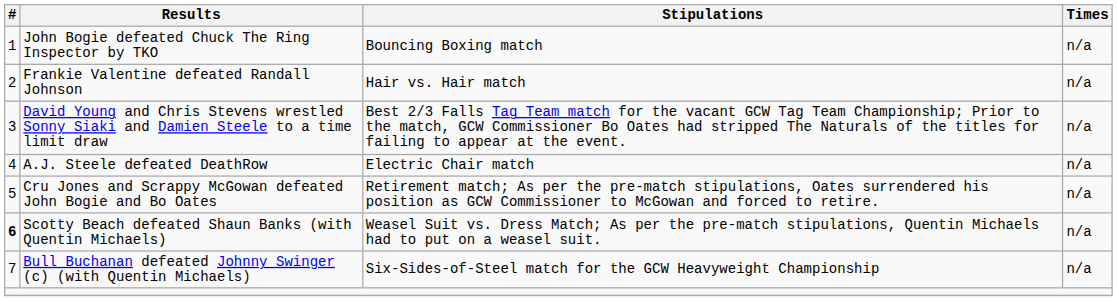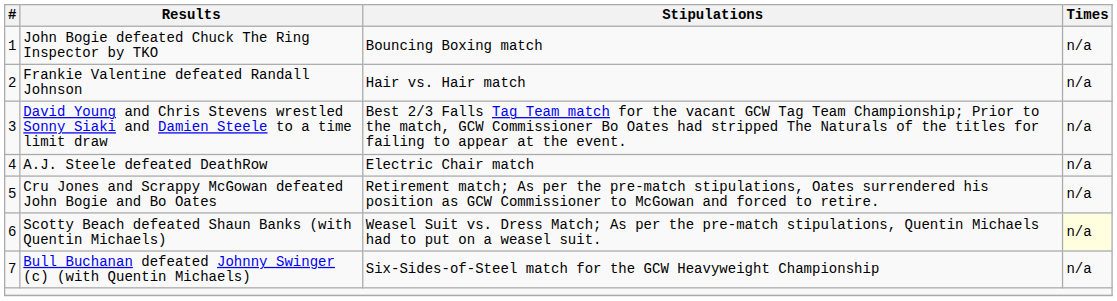 <table style="font-size: 85%" class="wikitable sortable">
 <tr>
 <th><strong>#</strong></th>
 <th><strong>Results</strong></th>
 <th><strong>Stipulations</strong></th>
 <th><strong>Times</strong></th>
 </tr>
 <tr>
 <td>1</td>
 <td>John Bogie defeated Chuck The Ring Inspector by TKO</td>
 <td>Bouncing Boxing match</td>
 <td>n/a</td>
 </tr>
 <tr>
 <td>2</td>
 <td>Frankie Valentine defeated Randall Johnson</td>
 <td>Hair vs. Hair match</td>
 <td>n/a</td>
 </tr>
 <tr>
 <td>3</td>
 <td><a href='#'>David Young</a> and Chris Stevens wrestled <a href='#'>Sonny Siaki</a> and <a href='#'>Damien Steele</a> to a time limit draw</td>
 <td>Best 2/3 Falls <a href='#'>Tag Team match</a> for the vacant GCW Tag Team Championship; Prior to the match, GCW Commissioner Bo Oates had stripped The Naturals of the titles for failing to appear at the event.</td>
 <td>n/a</td>
 </tr>
 <tr>
 <td>4</td>
 <td>A.J. Steele defeated DeathRow</td>
 <td>Electric Chair match</td>
 <td>n/a</td>
 </tr>
 <tr>
 <td>5</td>
 <td>Cru Jones and Scrappy McGowan defeated John Bogie and Bo Oates</td>
 <td>Retirement match; As per the pre-match stipulations, Oates surrendered his position as GCW Commissioner to McGowan and forced to retire.</td>
 <td>n/a</td>
 </tr>
 <tr>
-<td><strong>6</strong></td>
+<td>6</td>
 <td>Scotty Beach defeated Shaun Banks (with Quentin Michaels)</td>
 <td>Weasel Suit vs. Dress Match; As per the pre-match stipulations, Quentin Michaels had to put on a weasel suit.</td>
-<td>n/a</td>
+<td style="background: lightyellow;">n/a</td>
 </tr>
 <tr>
 <td>7</td>
 <td><a href='#'>Bull Buchanan</a> defeated <a href='#'>Johnny Swinger</a> (c) (with Quentin Michaels)</td>
 <td>Six-Sides-of-Steel match for the GCW Heavyweight Championship</td>
 <td>n/a</td>
 </tr>
 <tr>
 <td colspan="4"></td>
 </tr>
 <tr>
 </tr>
 </table>
